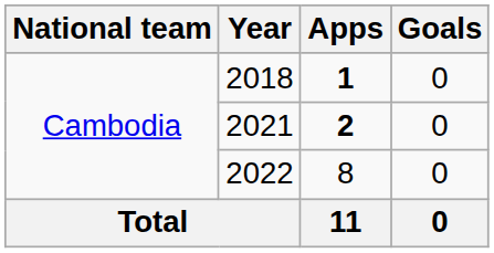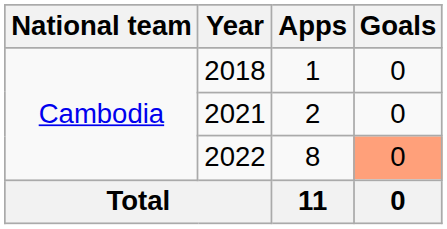 <table class="wikitable" style="text-align:center">
 <tr>
 <th>National team</th>
 <th>Year</th>
 <th>Apps</th>
 <th>Goals</th>
 </tr>
 <tr>
 <td rowspan="3"><a href='#'>Cambodia</a></td>
 <td>2018</td>
-<td><strong>1</strong></td>
+<td>1</td>
 <td>0</td>
 </tr>
 <tr>
 <td>2021</td>
-<td><strong>2</strong></td>
+<td>2</td>
 <td>0</td>
 </tr>
 <tr>
 <td>2022</td>
 <td>8</td>
-<td>0</td>
+<td style="background: lightsalmon;">0</td>
 </tr>
 <tr>
 <th colspan=2>Total</th>
 <th>11</th>
 <th>0</th>
 </tr>
 </table>
